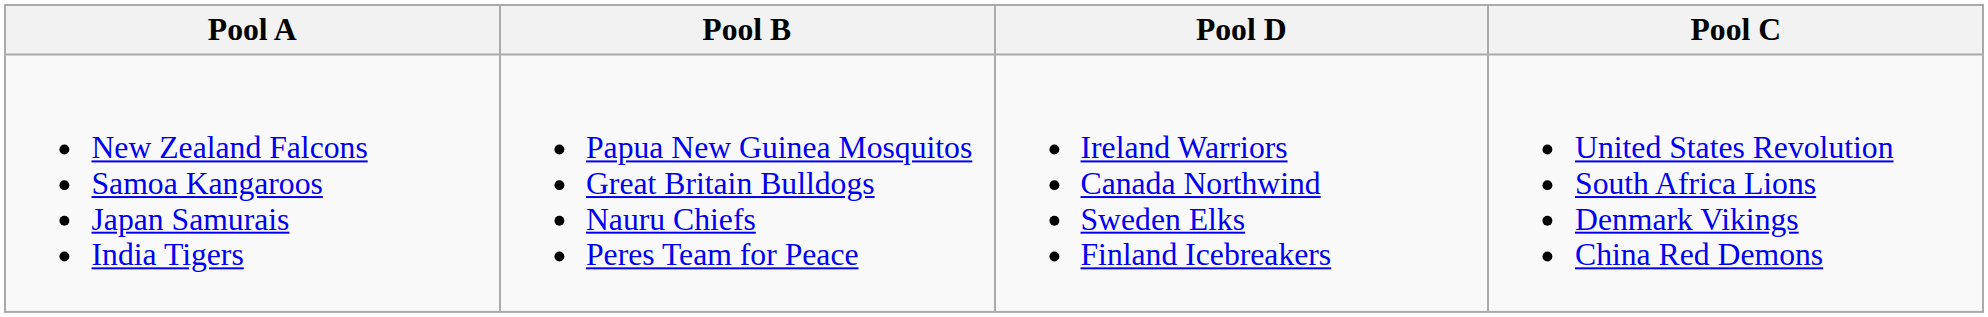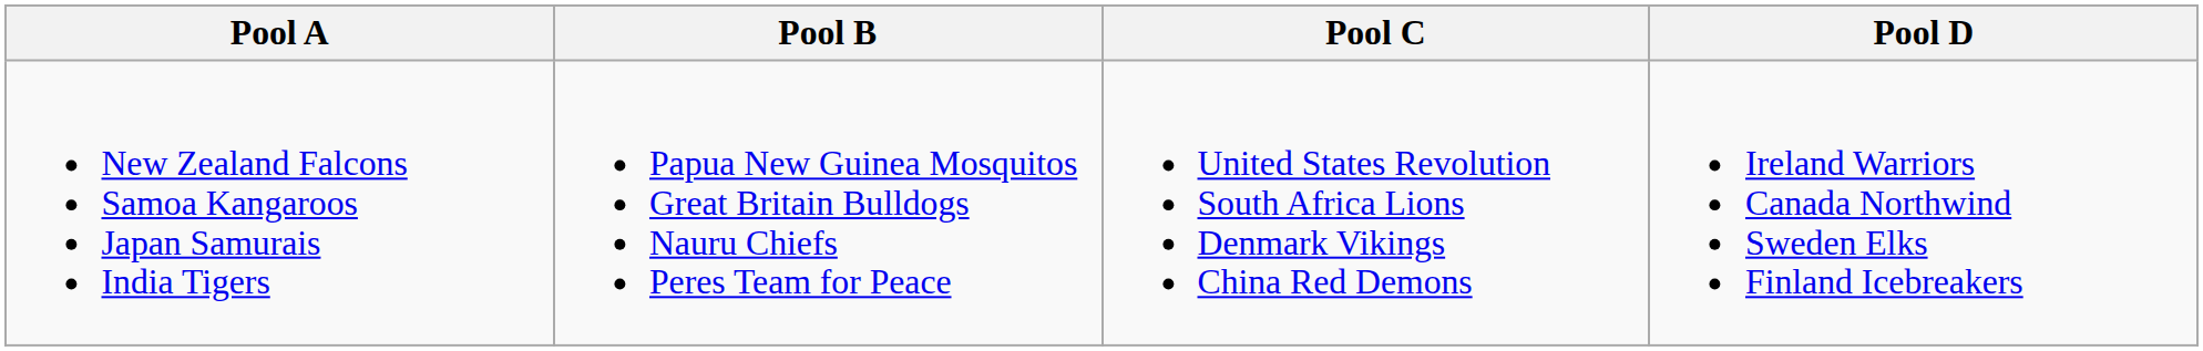 <table class="wikitable" width=1000>
 <tr>
 <th width=25%>Pool A</th>
 <th width=25%>Pool B</th>
+<th width=25%>Pool C</th>
 <th width=25%>Pool D</th>
-<th width=25%>Pool C</th>
 </tr>
 <tr style="vertical-align: top;">
 <td><br><ul><li> <a href='#'>New Zealand Falcons</a></li><li> <a href='#'>Samoa Kangaroos</a></li><li> <a href='#'>Japan Samurais</a></li><li> <a href='#'>India Tigers</a></li></ul></td>
 <td><br><ul><li> <a href='#'>Papua New Guinea Mosquitos</a></li><li> <a href='#'>Great Britain Bulldogs</a></li><li> <a href='#'>Nauru Chiefs</a></li><li> <a href='#'>Peres Team for Peace</a></li></ul></td>
+<td><br><ul><li> <a href='#'>United States Revolution</a></li><li> <a href='#'>South Africa Lions</a></li><li> <a href='#'>Denmark Vikings</a></li><li> <a href='#'>China Red Demons</a></li></ul></td>
 <td><br><ul><li> <a href='#'>Ireland Warriors</a></li><li> <a href='#'>Canada Northwind</a></li><li> <a href='#'>Sweden Elks</a></li><li> <a href='#'>Finland Icebreakers</a></li></ul></td>
-<td><br><ul><li> <a href='#'>United States Revolution</a></li><li> <a href='#'>South Africa Lions</a></li><li> <a href='#'>Denmark Vikings</a></li><li> <a href='#'>China Red Demons</a></li></ul></td>
 </tr>
 </table>
